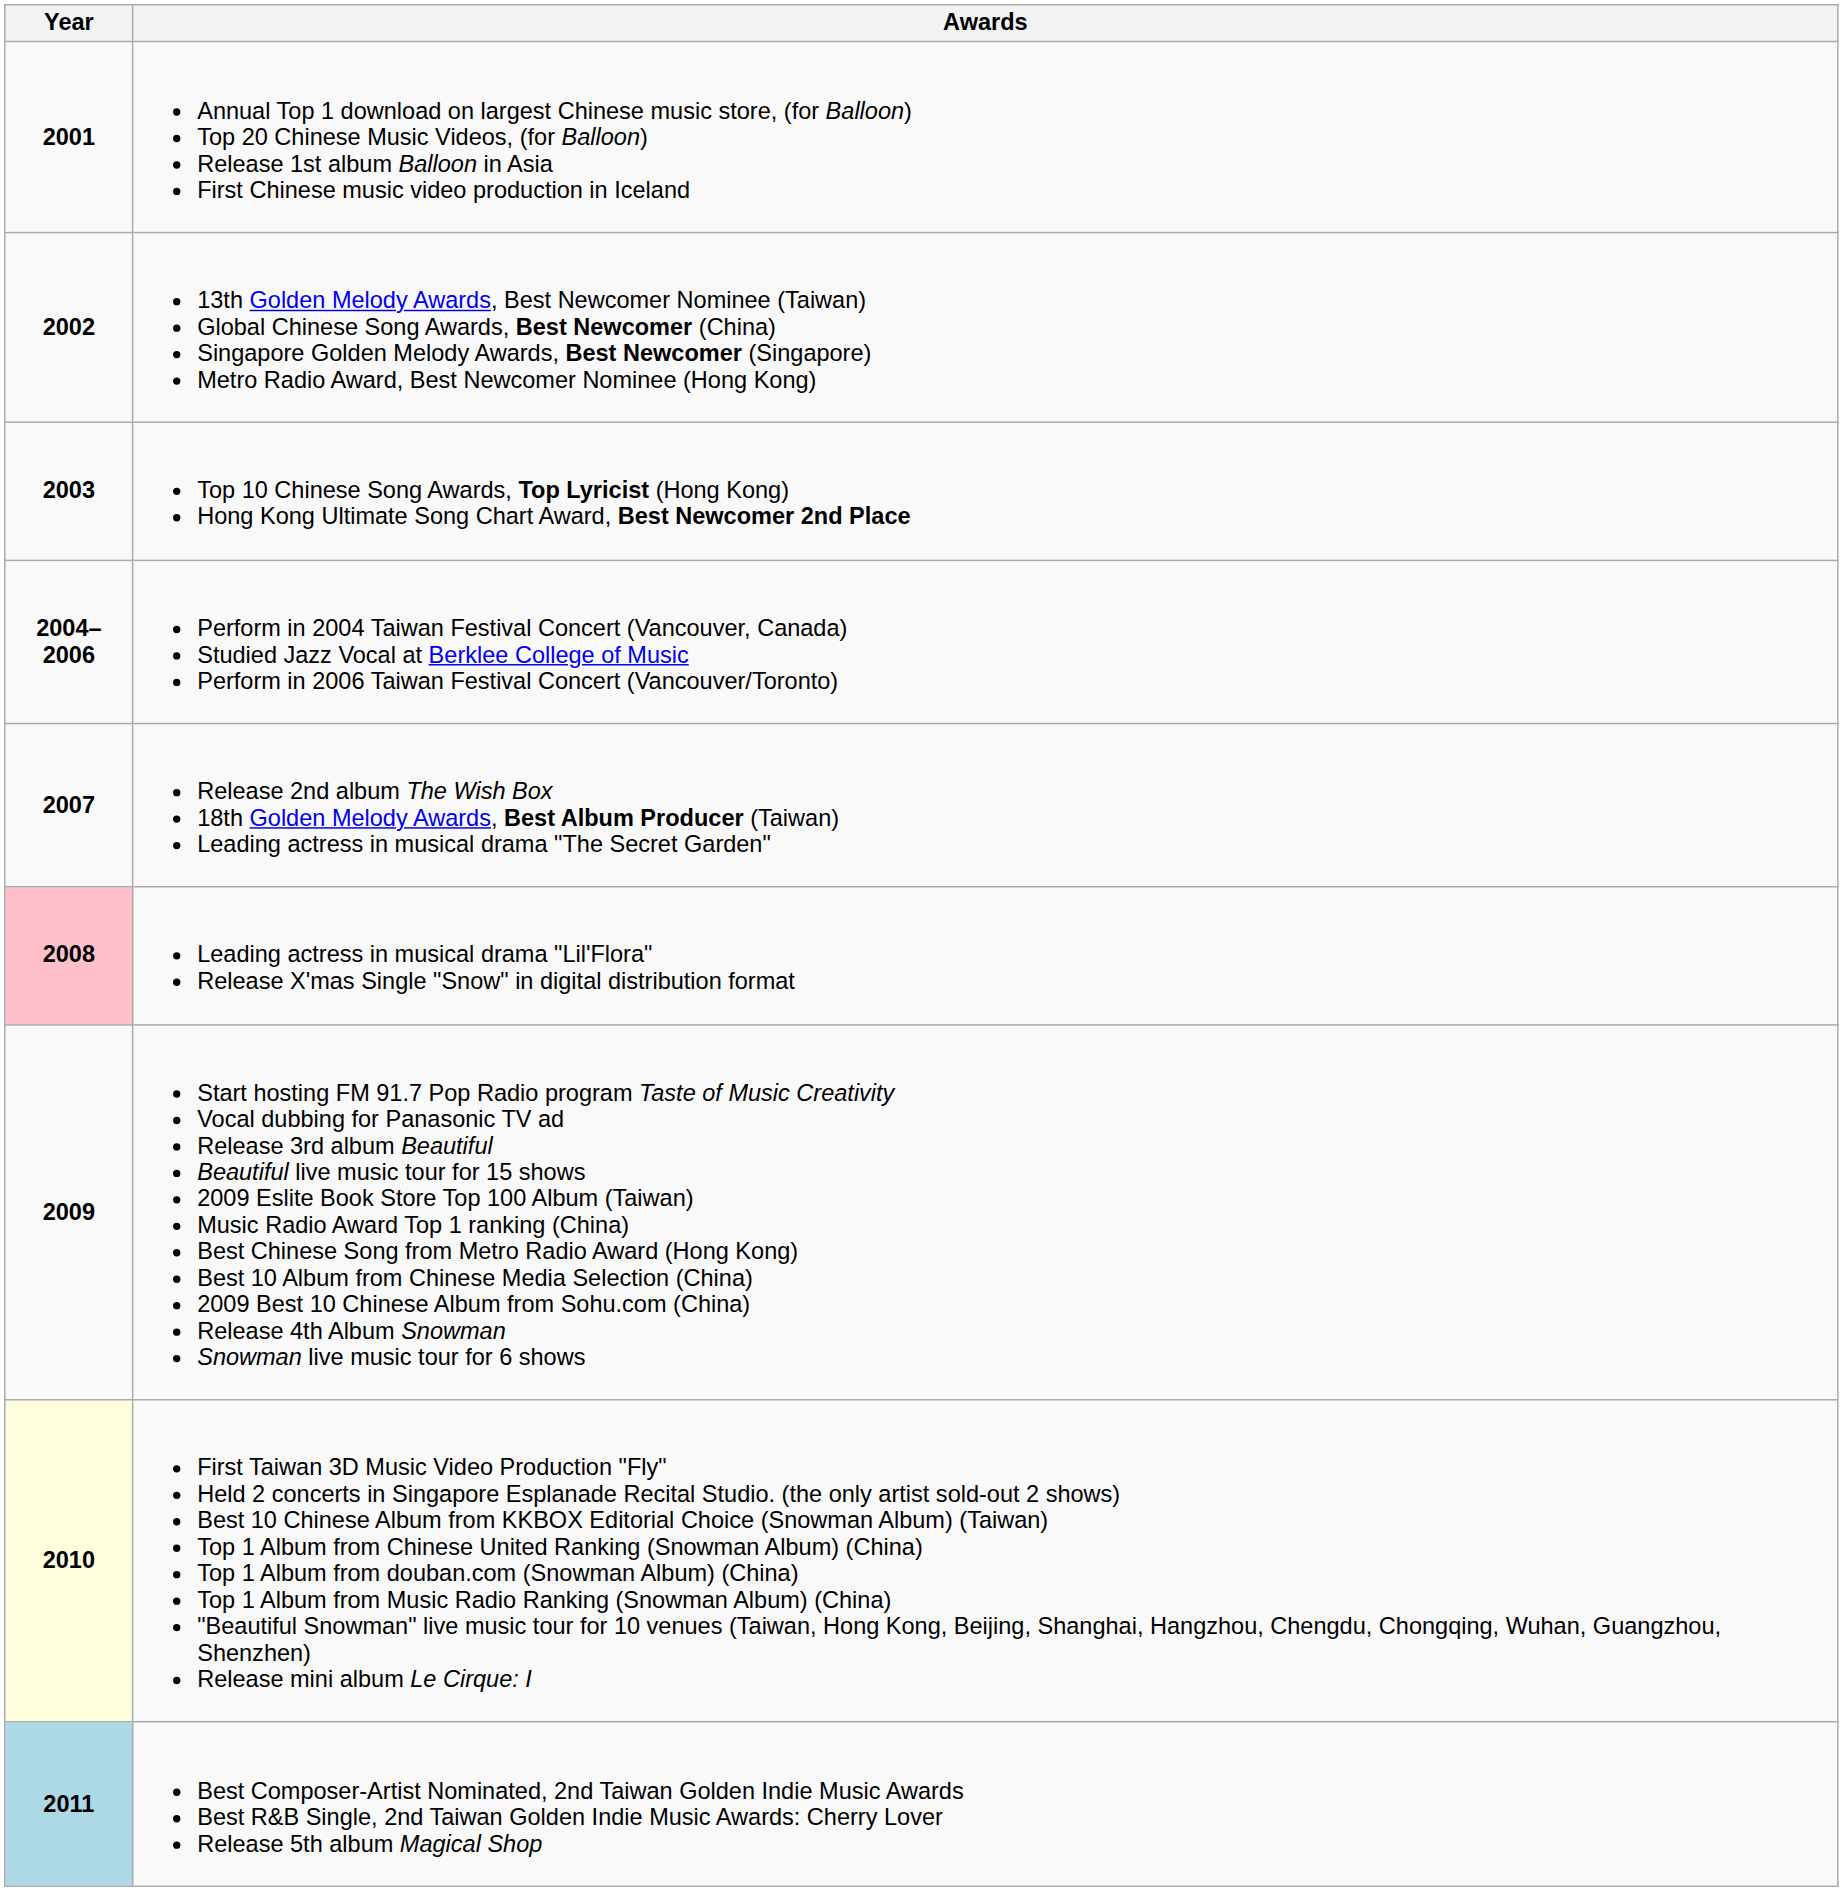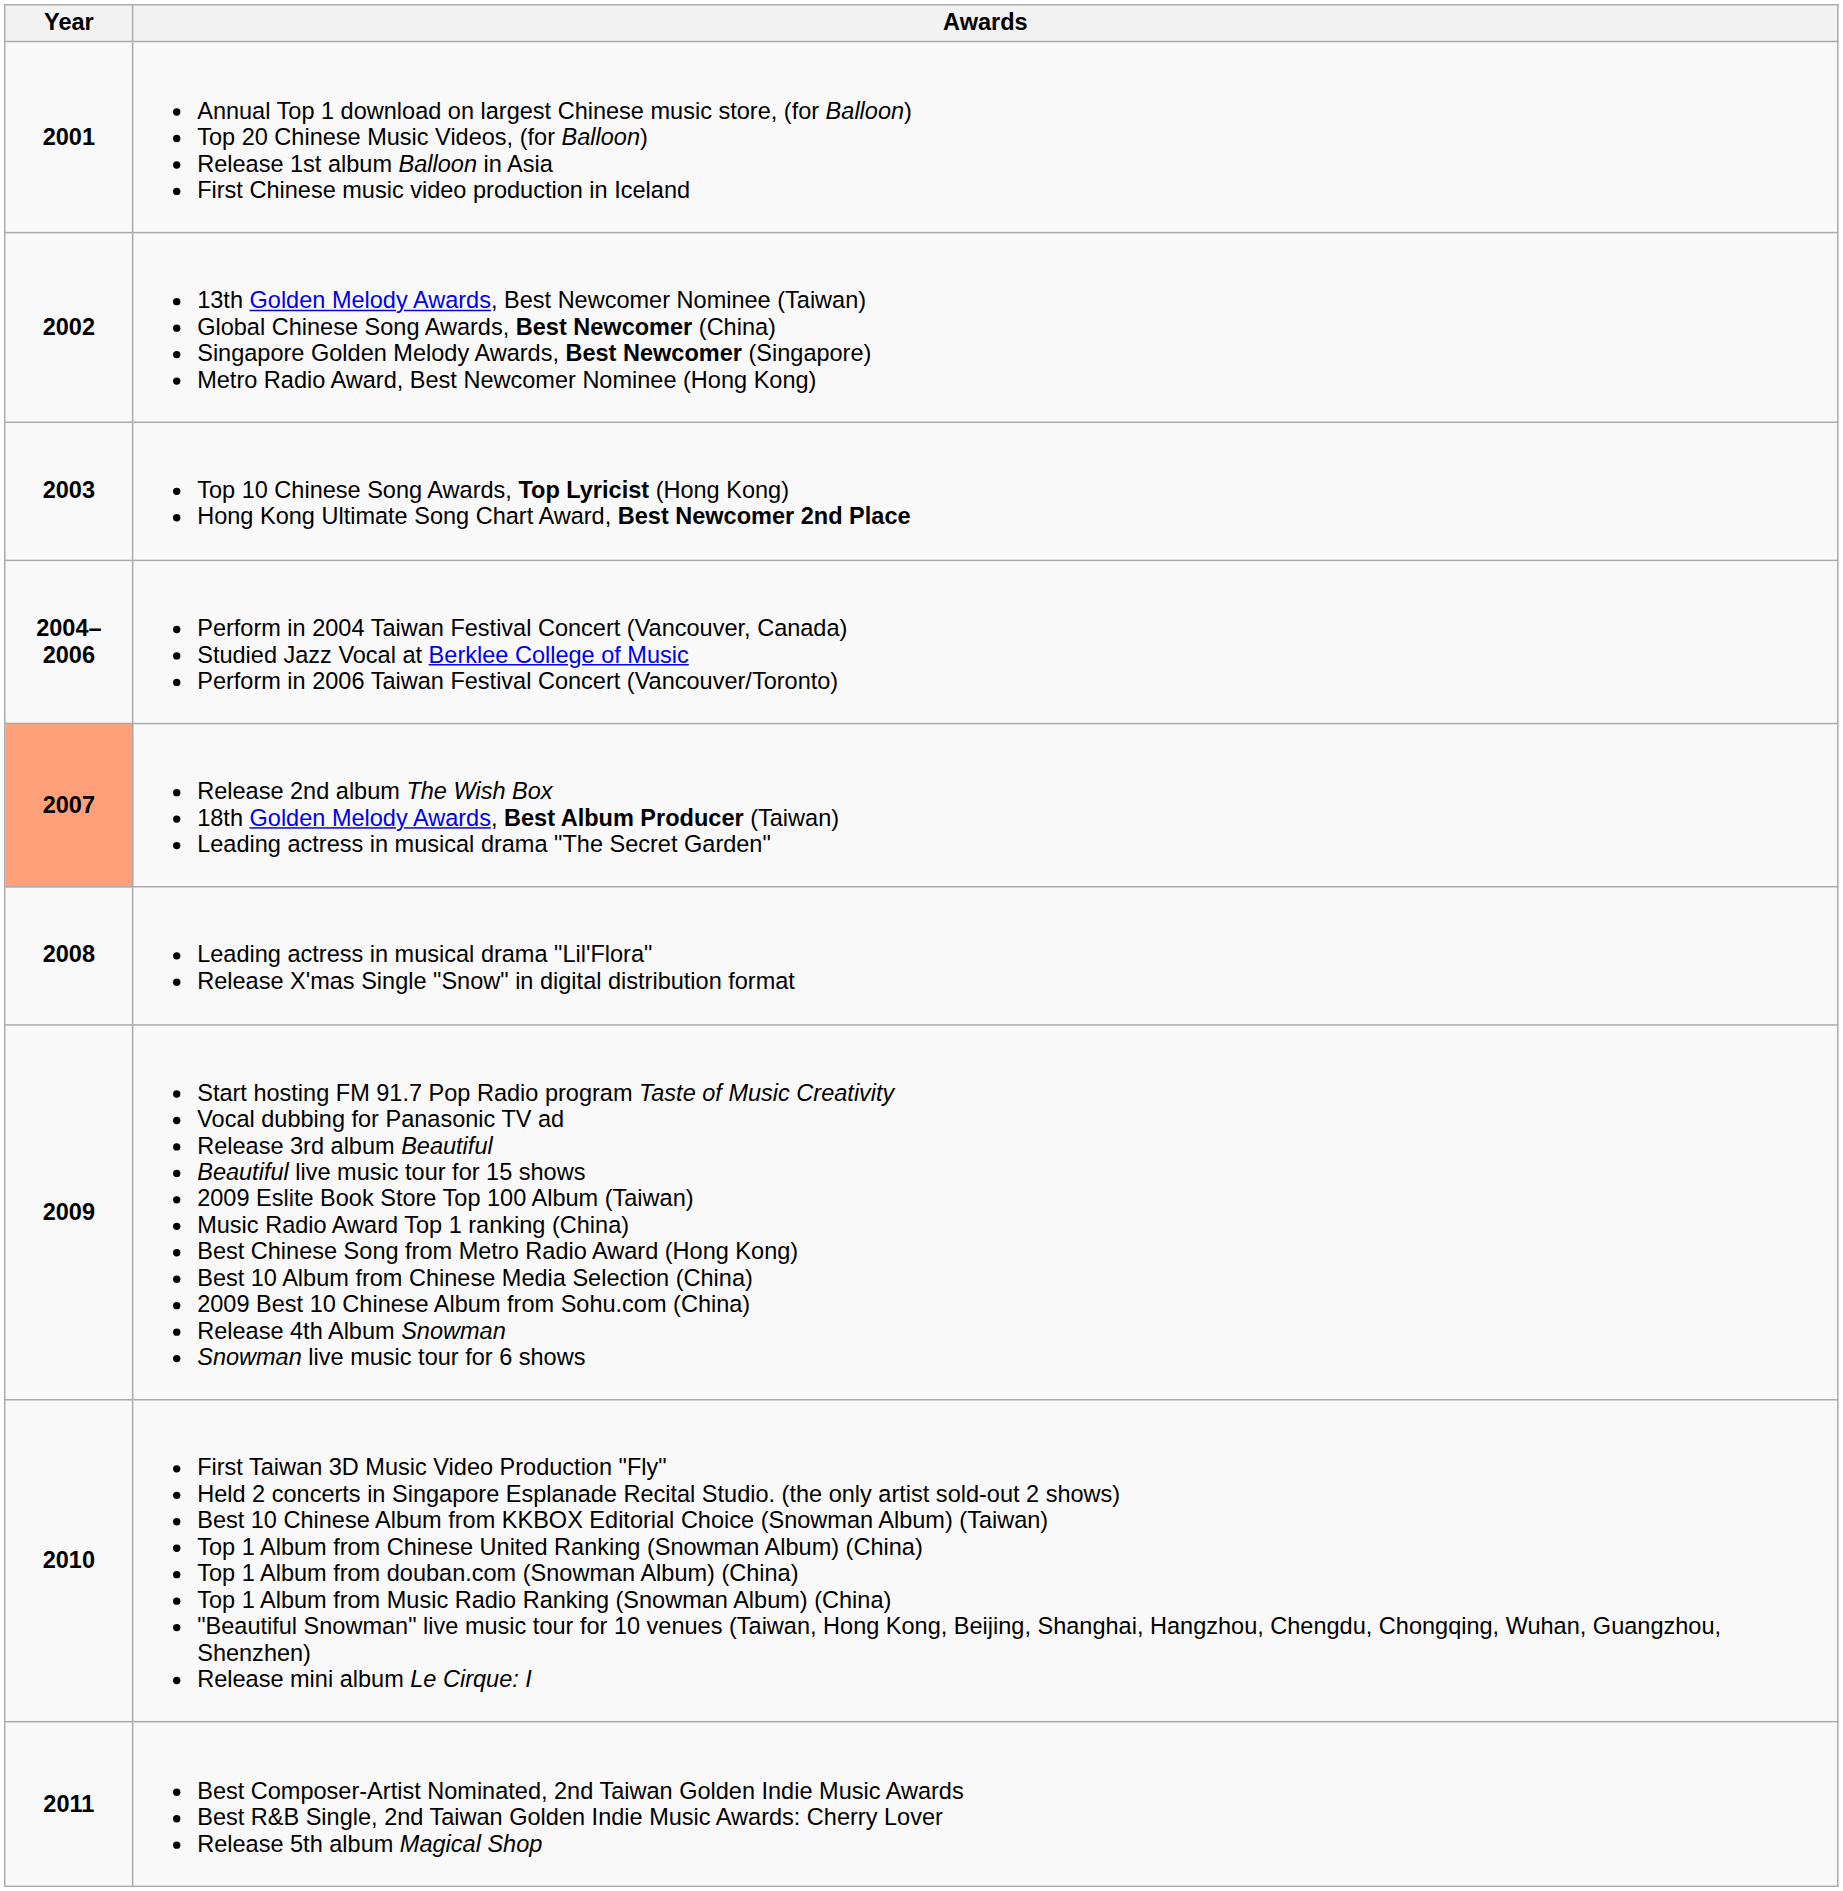 <table class="wikitable">
 <tr>
 <th align="left">Year</th>
 <th align="left">Awards</th>
 </tr>
 <tr>
 <td align="center"><strong>2001</strong></td>
 <td align="left"><br><ul><li>Annual Top 1 download on largest Chinese music store, (for <em>Balloon</em>)</li><li>Top 20 Chinese Music Videos, (for <em>Balloon</em>)</li><li>Release 1st album <em>Balloon</em> in Asia</li><li>First Chinese music video production in Iceland</li></ul></td>
 </tr>
 <tr>
 <td align="center"><strong>2002</strong></td>
 <td align="left"><br><ul><li>13th <a href='#'>Golden Melody Awards</a>, Best Newcomer Nominee (Taiwan)</li><li>Global Chinese Song Awards, <strong>Best Newcomer</strong> (China)</li><li>Singapore Golden Melody Awards, <strong>Best Newcomer</strong> (Singapore)</li><li>Metro Radio Award, Best Newcomer Nominee (Hong Kong)</li></ul></td>
 </tr>
 <tr>
 <td align="center"><strong>2003</strong></td>
 <td align="left"><br><ul><li>Top 10 Chinese Song Awards, <strong>Top Lyricist</strong> (Hong Kong)</li><li>Hong Kong Ultimate Song Chart Award, <strong>Best Newcomer 2nd Place</strong></li></ul></td>
 </tr>
 <tr>
 <td align="center"><strong>2004–2006</strong></td>
 <td align="left"><br><ul><li>Perform in 2004 Taiwan Festival Concert (Vancouver, Canada)</li><li>Studied Jazz Vocal at <a href='#'>Berklee College of Music</a></li><li>Perform in 2006 Taiwan Festival Concert (Vancouver/Toronto)</li></ul></td>
 </tr>
 <tr>
-<td align="center"><strong>2007</strong></td>
+<td align="center" style="background: lightsalmon;"><strong>2007</strong></td>
 <td align="left"><br><ul><li>Release 2nd album <em>The Wish Box</em></li><li>18th <a href='#'>Golden Melody Awards</a>, <strong>Best Album Producer</strong> (Taiwan)</li><li>Leading actress in musical drama "The Secret Garden"</li></ul></td>
 </tr>
 <tr>
-<td align="center" style="background: pink;"><strong>2008</strong></td>
+<td align="center"><strong>2008</strong></td>
 <td align="left"><br><ul><li>Leading actress in musical drama "Lil'Flora"</li><li>Release X'mas Single "Snow" in digital distribution format</li></ul></td>
 </tr>
 <tr>
 <td align="center"><strong>2009</strong></td>
 <td align="left"><br><ul><li>Start hosting FM 91.7 Pop Radio program <em>Taste of Music Creativity</em></li><li>Vocal dubbing for Panasonic TV ad</li><li>Release 3rd album <em>Beautiful</em></li><li><em>Beautiful</em> live music tour for 15 shows</li><li>2009 Eslite Book Store Top 100 Album (Taiwan)</li><li>Music Radio Award Top 1 ranking (China)</li><li>Best Chinese Song from Metro Radio Award (Hong Kong)</li><li>Best 10 Album from Chinese Media Selection (China)</li><li>2009 Best 10 Chinese Album from Sohu.com (China)</li><li>Release 4th Album <em>Snowman</em></li><li><em>Snowman</em> live music tour for 6 shows</li></ul></td>
 </tr>
 <tr>
-<td align="center" style="background: lightyellow;"><strong>2010</strong></td>
+<td align="center"><strong>2010</strong></td>
 <td align="left"><br><ul><li>First Taiwan 3D Music Video Production "Fly"</li><li>Held 2 concerts in Singapore Esplanade Recital Studio. (the only artist sold-out 2 shows)</li><li>Best 10 Chinese Album from KKBOX Editorial Choice (Snowman Album) (Taiwan)</li><li>Top 1 Album from Chinese United Ranking (Snowman Album) (China)</li><li>Top 1 Album from douban.com (Snowman Album) (China)</li><li>Top 1 Album from Music Radio Ranking (Snowman Album) (China)</li><li>"Beautiful Snowman" live music tour for 10 venues (Taiwan, Hong Kong, Beijing, Shanghai, Hangzhou, Chengdu, Chongqing, Wuhan, Guangzhou, Shenzhen)</li><li>Release mini album <em>Le Cirque: I</em></li></ul></td>
 </tr>
 <tr>
-<td align="center" style="background: lightblue;"><strong>2011</strong></td>
+<td align="center"><strong>2011</strong></td>
 <td align="left"><br><ul><li>Best Composer-Artist Nominated, 2nd Taiwan Golden Indie Music Awards</li><li>Best R&B Single, 2nd Taiwan Golden Indie Music Awards: Cherry Lover</li><li>Release 5th album <em>Magical Shop</em></li></ul></td>
 </tr>
 </table>
